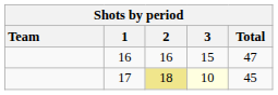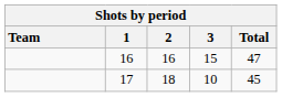 <table class="wikitable" style="width:20em; text-align:right;">
 <tr>
 <th colspan=6>Shots by period</th>
 </tr>
 <tr>
 <th style="width:8em; text-align:left;">Team</th>
 <th style="width:3em;">1</th>
 <th style="width:3em;">2</th>
 <th style="width:3em;">3</th>
 <th style="width:3em;">Total</th>
 </tr>
 <tr>
 <td style="text-align:left;"></td>
 <td align=center>16</td>
 <td align=center>16</td>
 <td align=center>15</td>
 <td align=center>47</td>
 </tr>
 <tr>
 <td style="text-align:left;"></td>
 <td align=center>17</td>
-<td align=center style="background: khaki;">18</td>
-<td align=center style="background: lightyellow;">10</td>
+<td align=center>18</td>
+<td align=center>10</td>
 <td align=center>45</td>
 </tr>
 </table>
